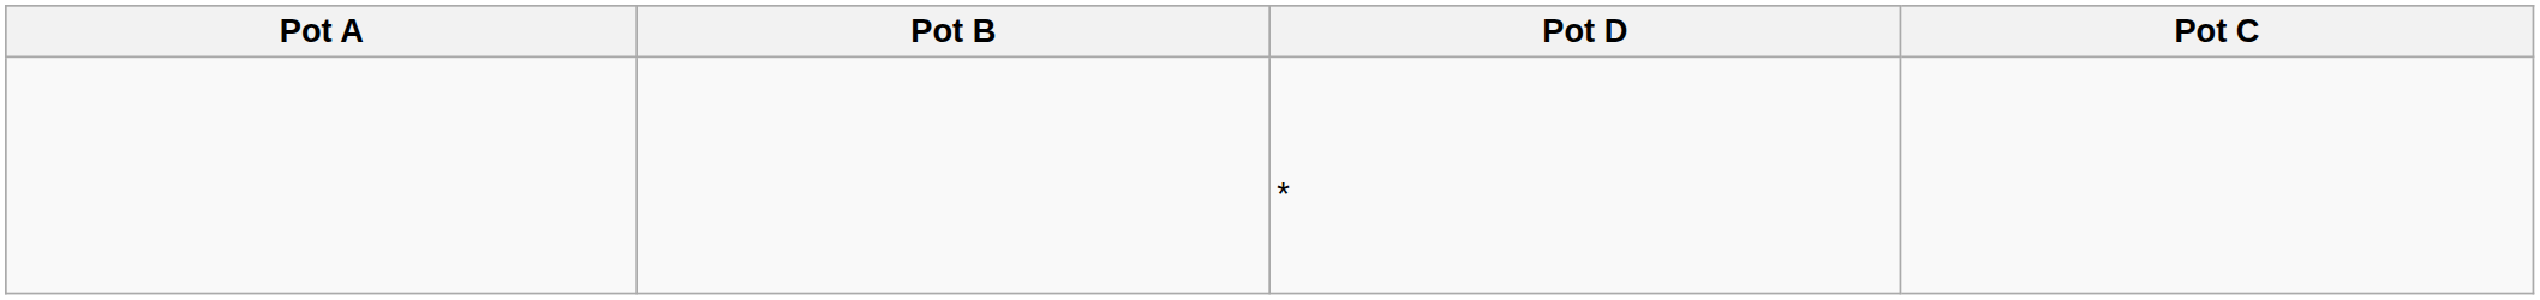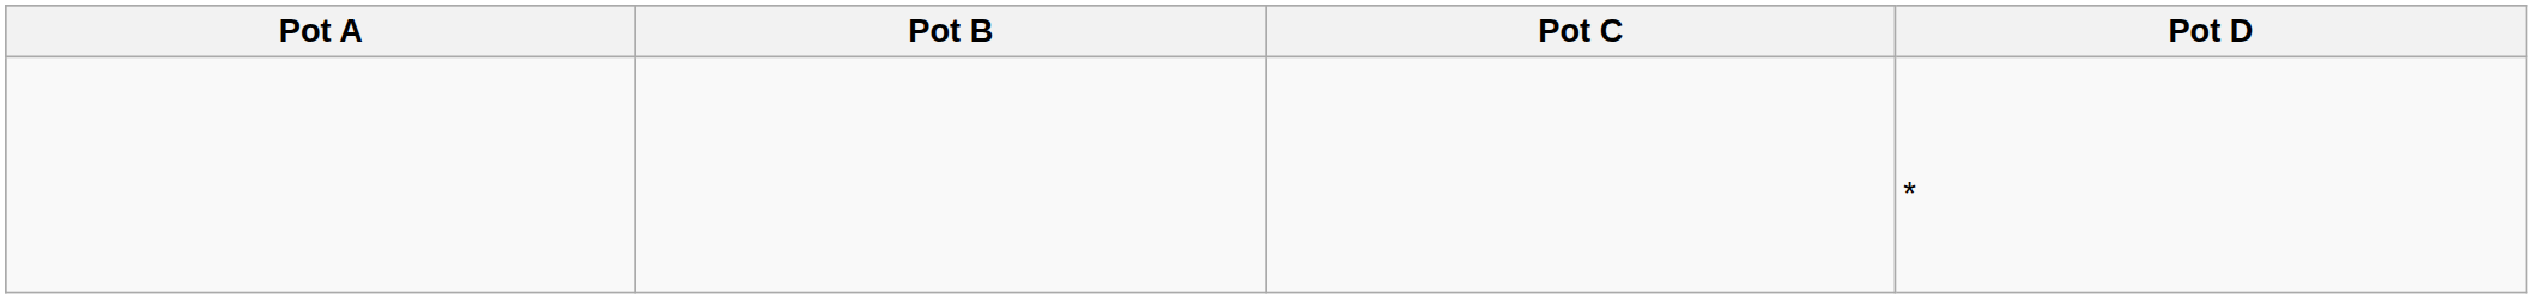 <table class="wikitable" width=98%>
 <tr>
 <th width=25%>Pot A</th>
 <th width=25%>Pot B</th>
+<th width=25%>Pot C</th>
 <th width=25%>Pot D</th>
-<th width=25%>Pot C</th>
 </tr>
 <tr>
 <td><br> <br>  <br>  <br>  <br>  <br> </td>
 <td><br> <br>  <br>  <br>  <br>  <br> </td>
+<td><br> <br>  <br>  <br>  <br>  <br> </td>
 <td><br> <br>  <br> * <br>  <br>  <br> </td>
-<td><br> <br>  <br>  <br>  <br>  <br> </td>
 </tr>
 </table>
